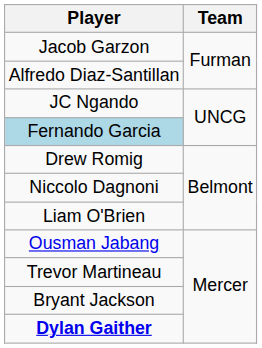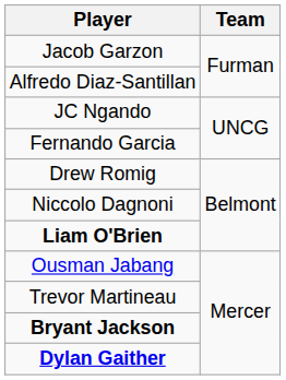 <table class="wikitable" style="text-align: center;">
 <tr>
 <th>Player</th>
 <th>Team</th>
 </tr>
 <tr>
 <td>Jacob Garzon</td>
 <td rowspan=2>Furman</td>
 </tr>
 <tr>
 <td>Alfredo Diaz-Santillan</td>
 </tr>
 <tr>
 <td>JC Ngando</td>
 <td rowspan=2>UNCG</td>
 </tr>
 <tr>
-<td style="background: lightblue;">Fernando Garcia</td>
+<td>Fernando Garcia</td>
 </tr>
 <tr>
 <td>Drew Romig</td>
 <td rowspan=3>Belmont</td>
 </tr>
 <tr>
 <td>Niccolo Dagnoni</td>
 </tr>
 <tr>
-<td>Liam O'Brien</td>
+<td><strong>Liam O'Brien</strong></td>
 </tr>
 <tr>
 <td><a href='#'>Ousman Jabang</a></td>
 <td rowspan=4>Mercer</td>
 </tr>
 <tr>
 <td>Trevor Martineau</td>
 </tr>
 <tr>
-<td>Bryant Jackson</td>
+<td><strong>Bryant Jackson</strong></td>
 </tr>
 <tr>
 <td><strong><a href='#'>Dylan Gaither</a></strong></td>
 </tr>
 </table>
